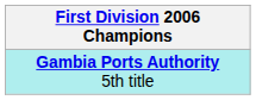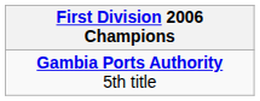 <table class="wikitable" style="margin: 0 auto; width: 240px;">
 <tr>
 <th><a href='#'>First Division</a> 2006<br>Champions</th>
 </tr>
 <tr>
-<td align=center style="background: paleturquoise;"><strong><a href='#'>Gambia Ports Authority</a></strong><br>5th title</td>
+<td align=center><strong><a href='#'>Gambia Ports Authority</a></strong><br>5th title</td>
 </tr>
 </table>
